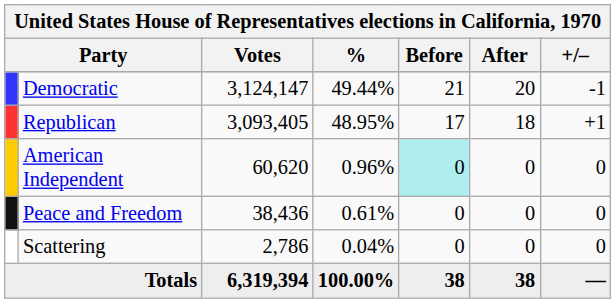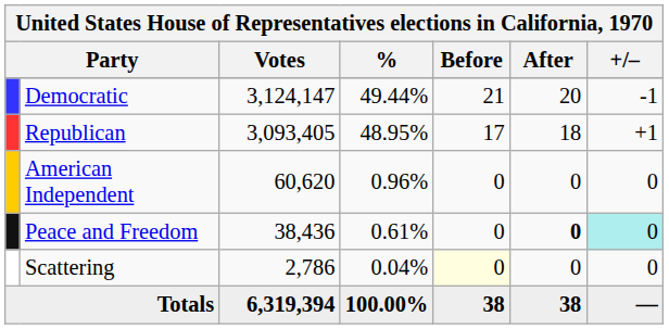 <table class="wikitable" style="font-size: 95%;">
 <tr>
 <th colspan="7">United States House of Representatives elections in California, 1970</th>
 </tr>
 <tr>
 <th colspan=2 style="width: 5em">Party</th>
 <th style="width: 5em">Votes</th>
 <th style="width: 3em">%</th>
 <th style="width: 3em">Before</th>
 <th style="width: 3em">After</th>
 <th style="width: 3em">+/–</th>
 </tr>
 <tr>
 </tr>
 <tr>
 <th style="background-color:#3333FF; width: 3px"></th>
 <td style="width: 130px"><a href='#'>Democratic</a></td>
 <td align="right">3,124,147</td>
 <td align="right">49.44%</td>
 <td align="right">21</td>
 <td align="right">20</td>
 <td align="right">-1</td>
 </tr>
 <tr>
 <th style="background-color:#FF3333; width: 3px"></th>
 <td style="width: 130px"><a href='#'>Republican</a></td>
 <td align="right">3,093,405</td>
 <td align="right">48.95%</td>
 <td align="right">17</td>
 <td align="right">18</td>
 <td align="right">+1</td>
 </tr>
 <tr>
 <th style="background-color:#FFCC00; width: 3px"></th>
 <td style="width: 130px"><a href='#'>American Independent</a></td>
 <td align="right">60,620</td>
 <td align="right">0.96%</td>
-<td align="right" style="background: paleturquoise;">0</td>
+<td align="right">0</td>
 <td align="right">0</td>
 <td align="right">0</td>
 </tr>
 <tr>
 <th style="background-color:#111111; width: 3px"></th>
 <td style="width: 130px"><a href='#'>Peace and Freedom</a></td>
 <td align="right">38,436</td>
 <td align="right">0.61%</td>
 <td align="right">0</td>
-<td align="right">0</td>
-<td align="right">0</td>
+<td align="right"><strong>0</strong></td>
+<td align="right" style="background: paleturquoise;">0</td>
 </tr>
 <tr>
 <th style="background-color:#FFFFFF; width: 3px"></th>
 <td style="width: 130px">Scattering</td>
 <td align="right">2,786</td>
 <td align="right">0.04%</td>
-<td align="right">0</td>
+<td align="right" style="background: lightyellow;">0</td>
 <td align="right">0</td>
 <td align="right">0</td>
 </tr>
 <tr bgcolor="#EEEEEE">
 <td colspan="2" align="right"><strong>Totals</strong></td>
 <td align="right"><strong>6,319,394</strong></td>
 <td align="right"><strong>100.00%</strong></td>
 <td align="right"><strong>38</strong></td>
 <td align="right"><strong>38</strong></td>
 <td align="right"><strong>—</strong></td>
 </tr>
 </table>
